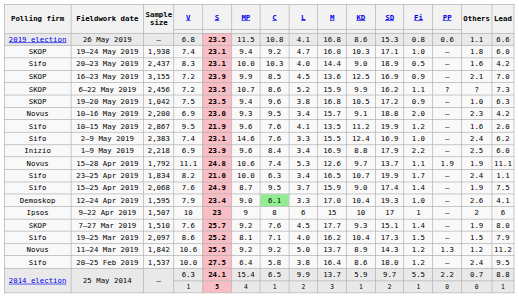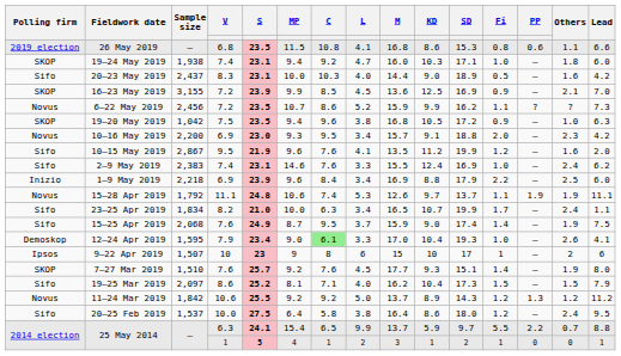 <table class="wikitable sortable" style="text-align:center;font-size:90%;line-height:14px;">
 <tr style="height:40px;">
 <th style="width:100px;" rowspan="2">Polling firm</th>
 <th style="width:110px;" rowspan="2">Fieldwork date</th>
 <th style="width:35px;" rowspan="2">Sample<br>size</th>
 <th class="unsortable" style="width:40px;"><a href='#'>V</a></th>
 <th class="unsortable" style="width:40px;"><a href='#'>S</a></th>
 <th class="unsortable" style="width:40px;"><a href='#'>MP</a></th>
 <th class="unsortable" style="width:40px;"><a href='#'>C</a></th>
 <th class="unsortable" style="width:40px;"><a href='#'>L</a></th>
 <th class="unsortable" style="width:40px;"><a href='#'>M</a></th>
 <th class="unsortable" style="width:40px;"><a href='#'>KD</a></th>
 <th class="unsortable" style="width:40px;"><a href='#'>SD</a></th>
 <th class="unsortable" style="width:40px;"><a href='#'>Fi</a></th>
 <th class="unsortable" style="width:40px;"><a href='#'>PP</a></th>
 <th class="unsortable" style="width:40px;" rowspan="2">Others</th>
 <th style="width:30px;" rowspan="2">Lead</th>
 </tr>
 <tr>
 <th style="background:"></th>
 <th style="background:"></th>
 <th style="background:"></th>
 <th style="background:"></th>
 <th style="background:"></th>
 <th style="background:"></th>
 <th style="background:"></th>
 <th style="background:"></th>
 <th style="background:"></th>
 <th style="background:"></th>
 </tr>
 <tr style="background:#E9E9E9;">
 <td><a href='#'>2019 election</a></td>
 <td data-sort-value="2019-05-26">26 May 2019</td>
 <td>–</td>
 <td>6.8</td>
 <td style="background:#F9BDC5;"><strong>23.5</strong></td>
 <td>11.5</td>
 <td>10.8</td>
 <td>4.1</td>
 <td>16.8</td>
 <td>8.6</td>
 <td>15.3</td>
 <td>0.8</td>
 <td>0.6</td>
 <td>1.1</td>
 <td style="background:">6.6</td>
 </tr>
 <tr>
 <td>SKOP</td>
 <td data-sort-value="2019-05-24">19–24 May 2019</td>
 <td>1,938</td>
 <td>7.4</td>
 <td style="background:#F9BDC5;"><strong>23.1</strong></td>
 <td>9.4</td>
 <td>9.2</td>
 <td>4.7</td>
 <td>16.0</td>
 <td>10.3</td>
 <td>17.1</td>
 <td>1.0</td>
 <td>–</td>
 <td>1.8</td>
 <td style="background:">6.0</td>
 </tr>
 <tr>
 <td>Sifo</td>
 <td data-sort-value="2019-05-23">20–23 May 2019</td>
 <td>2,437</td>
 <td>8.3</td>
 <td style="background:#F9BDC5;"><strong>23.1</strong></td>
 <td>10.0</td>
 <td>10.3</td>
 <td>4.0</td>
 <td>14.4</td>
 <td>9.0</td>
 <td>18.9</td>
 <td>0.5</td>
 <td>–</td>
 <td>1.6</td>
 <td style="background:">4.2</td>
 </tr>
 <tr>
 <td>SKOP</td>
 <td data-sort-value="2019-05-23">16–23 May 2019</td>
 <td>3,155</td>
 <td>7.2</td>
 <td style="background:#F9BDC5;"><strong>23.9</strong></td>
 <td>9.9</td>
 <td>8.5</td>
 <td>4.5</td>
 <td>13.6</td>
 <td>12.5</td>
 <td>16.9</td>
 <td>0.9</td>
 <td>–</td>
 <td>2.1</td>
 <td style="background:">7.0</td>
 </tr>
 <tr>
-<td>SKOP</td>
+<td>Novus</td>
 <td data-sort-value="2019-05-22">6–22 May 2019</td>
 <td>2,456</td>
 <td>7.2</td>
 <td style="background:#F9BDC5;"><strong>23.5</strong></td>
 <td>10.7</td>
 <td>8.6</td>
 <td>5.2</td>
 <td>15.9</td>
 <td>9.9</td>
 <td>16.2</td>
 <td>1.1</td>
 <td>?</td>
 <td>?</td>
 <td style="background:">7.3</td>
 </tr>
 <tr>
 <td>SKOP</td>
 <td data-sort-value="2019-05-20">19–20 May 2019</td>
 <td>1,042</td>
 <td>7.5</td>
 <td style="background:#F9BDC5;"><strong>23.5</strong></td>
 <td>9.4</td>
 <td>9.6</td>
 <td>3.8</td>
 <td>16.8</td>
 <td>10.5</td>
 <td>17.2</td>
 <td>0.9</td>
 <td>–</td>
 <td>1.0</td>
 <td style="background:">6.3</td>
 </tr>
 <tr>
 <td>Novus</td>
 <td data-sort-value="2019-05-16">10–16 May 2019</td>
 <td>2,200</td>
 <td>6.9</td>
 <td style="background:#F9BDC5;"><strong>23.0</strong></td>
 <td>9.3</td>
 <td>9.5</td>
 <td>3.4</td>
 <td>15.7</td>
 <td>9.1</td>
 <td>18.8</td>
 <td>2.0</td>
 <td>–</td>
 <td>2.3</td>
 <td style="background:">4.2</td>
 </tr>
 <tr>
 <td>Sifo</td>
 <td data-sort-value="2019-05-15">10–15 May 2019</td>
 <td>2,867</td>
 <td>9.5</td>
 <td style="background:#F9BDC5;"><strong>21.9</strong></td>
 <td>9.6</td>
 <td>7.6</td>
 <td>4.1</td>
 <td>13.5</td>
 <td>11.2</td>
 <td>19.9</td>
 <td>1.2</td>
 <td>–</td>
 <td>1.6</td>
 <td style="background:">2.0</td>
 </tr>
 <tr>
 <td>Sifo</td>
 <td data-sort-value="2019-05-09">2–9 May 2019</td>
 <td>2,383</td>
 <td>7.4</td>
 <td style="background:#F9BDC5;"><strong>23.1</strong></td>
 <td>14.6</td>
 <td>7.6</td>
 <td>3.3</td>
 <td>15.5</td>
 <td>12.4</td>
 <td>16.9</td>
 <td>1.0</td>
 <td>–</td>
 <td>2.4</td>
 <td style="background:">6.2</td>
 </tr>
 <tr>
 <td>Inizio</td>
 <td data-sort-value="2019-05-09">1–9 May 2019</td>
 <td>2,218</td>
 <td>6.9</td>
 <td style="background:#F9BDC5;"><strong>23.9</strong></td>
 <td>9.6</td>
 <td>8.4</td>
 <td>3.4</td>
 <td>16.9</td>
 <td>8.8</td>
 <td>17.9</td>
 <td>2.2</td>
 <td>–</td>
 <td>2.5</td>
 <td style="background:">6.0</td>
 </tr>
 <tr>
 <td>Novus</td>
 <td data-sort-value="2019-04-28">15–28 Apr 2019</td>
 <td>1,792</td>
 <td>11.1</td>
 <td style="background:#F9BDC5;"><strong>24.8</strong></td>
 <td>10.6</td>
 <td>7.4</td>
 <td>5.3</td>
 <td>12.6</td>
 <td>9.7</td>
 <td>13.7</td>
 <td>1.1</td>
 <td>1.9</td>
 <td>1.9</td>
 <td style="background:">11.1</td>
 </tr>
 <tr>
 <td>Sifo</td>
 <td data-sort-value="2019-04-25">23–25 Apr 2019</td>
 <td>1,834</td>
 <td>8.2</td>
 <td style="background:#F9BDC5;"><strong>21.0</strong></td>
 <td>10.0</td>
 <td>6.3</td>
 <td>3.4</td>
 <td>16.5</td>
 <td>10.7</td>
 <td>19.9</td>
 <td>1.7</td>
 <td>–</td>
 <td>2.4</td>
 <td style="background:">1.1</td>
 </tr>
 <tr>
 <td>Sifo</td>
 <td data-sort-value="2019-04-25">15–25 Apr 2019</td>
 <td>2,068</td>
 <td>7.6</td>
 <td style="background:#F9BDC5;"><strong>24.9</strong></td>
 <td>8.7</td>
 <td>9.5</td>
 <td>3.7</td>
 <td>15.9</td>
 <td>9.0</td>
 <td>17.4</td>
 <td>1.4</td>
 <td>–</td>
 <td>1.9</td>
 <td style="background:">7.5</td>
 </tr>
 <tr>
 <td>Demoskop</td>
 <td data-sort-value="2019-04-24">12–24 Apr 2019</td>
 <td>1,595</td>
 <td>7.9</td>
 <td style="background:#F9BDC5;"><strong>23.4</strong></td>
 <td>9.0</td>
 <td style="background: lightgreen;">6.1</td>
 <td>3.3</td>
 <td>17.0</td>
 <td>10.4</td>
 <td>19.3</td>
 <td>1.0</td>
 <td>–</td>
 <td>2.6</td>
 <td style="background:">4.1</td>
 </tr>
 <tr>
 <td>Ipsos</td>
 <td data-sort-value="2019-04-22">9–22 Apr 2019</td>
 <td>1,507</td>
 <td>10</td>
 <td style="background:#F9BDC5;"><strong>23</strong></td>
 <td>9</td>
 <td>8</td>
 <td>6</td>
 <td>15</td>
 <td>10</td>
 <td>17</td>
 <td>1</td>
 <td>–</td>
 <td>2</td>
 <td style="background:">6</td>
 </tr>
 <tr>
 <td>SKOP</td>
 <td data-sort-value="2019-03-27">7–27 Mar 2019</td>
 <td>1,510</td>
 <td>7.6</td>
 <td style="background:#F9BDC5;"><strong>25.7</strong></td>
 <td>9.2</td>
 <td>7.6</td>
 <td>4.5</td>
 <td>17.7</td>
 <td>9.3</td>
 <td>15.1</td>
 <td>1.4</td>
 <td>–</td>
 <td>1.9</td>
 <td style="background:">8.0</td>
 </tr>
 <tr>
 <td>Sifo</td>
 <td data-sort-value="2019-03-25">19–25 Mar 2019</td>
 <td>2,097</td>
 <td>8.6</td>
 <td style="background:#F9BDC5;"><strong>25.2</strong></td>
 <td>8.1</td>
 <td>7.1</td>
 <td>4.0</td>
 <td>16.2</td>
 <td>10.4</td>
 <td>17.3</td>
 <td>1.5</td>
 <td>–</td>
 <td>1.5</td>
 <td style="background:">7.9</td>
 </tr>
 <tr>
 <td>Novus</td>
 <td data-sort-value="2019-03-24">11–24 Mar 2019</td>
 <td>1,842</td>
 <td>10.6</td>
 <td style="background:#F9BDC5;"><strong>25.5</strong></td>
 <td>9.2</td>
 <td>9.2</td>
 <td>5.0</td>
 <td>13.7</td>
 <td>8.9</td>
 <td>14.3</td>
 <td>1.2</td>
 <td>1.3</td>
 <td>1.2</td>
 <td style="background:">11.2</td>
 </tr>
 <tr>
 <td>Sifo</td>
 <td data-sort-value="2019-02-25">20–25 Feb 2019</td>
 <td>1,537</td>
 <td>10.0</td>
 <td style="background:#F9BDC5;"><strong>27.5</strong></td>
 <td>6.4</td>
 <td>5.8</td>
 <td>3.8</td>
 <td>16.4</td>
 <td>8.6</td>
 <td>18.0</td>
 <td>1.2</td>
 <td>–</td>
 <td>2.4</td>
 <td style="background:">9.5</td>
 </tr>
 <tr style="background:#E9E9E9;">
 <td rowspan="2"><a href='#'>2014 election</a></td>
 <td rowspan="2" data-sort-value="2014-05-25">25 May 2014</td>
 <td rowspan="2">–</td>
 <td>6.3</td>
 <td style="background:#F9BDC5;"><strong>24.1</strong></td>
 <td>15.4</td>
 <td>6.5</td>
 <td>9.9</td>
 <td>13.7</td>
 <td>5.9</td>
 <td>9.7</td>
 <td>5.5</td>
 <td>2.2</td>
 <td>0.7</td>
 <td style="background:">8.8</td>
 </tr>
 <tr style="background:#E9E9E9;font-size:85%;">
 <td>1</td>
 <td style="background:#F9BDC5;"><strong>5</strong></td>
 <td>4</td>
 <td>1</td>
 <td>2</td>
 <td>3</td>
 <td>1</td>
 <td>2</td>
 <td>1</td>
 <td>0</td>
 <td>0</td>
 <td style="background:">1</td>
 </tr>
 </table>
